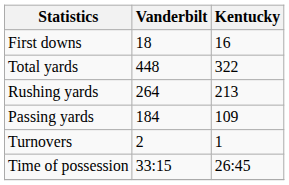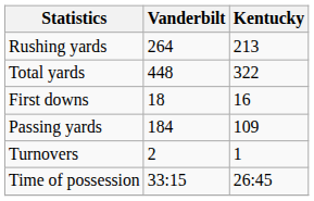 <table class="wikitable" style="float: left;">
 <tr>
 <th>Statistics</th>
 <th>Vanderbilt</th>
 <th>Kentucky</th>
 </tr>
 <tr>
-<td>First downs</td>
-<td>18</td>
-<td>16</td>
+<td>Rushing yards</td>
+<td>264</td>
+<td>213</td>
 </tr>
 <tr>
 <td>Total yards</td>
 <td>448</td>
 <td>322</td>
 </tr>
 <tr>
-<td>Rushing yards</td>
-<td>264</td>
-<td>213</td>
+<td>First downs</td>
+<td>18</td>
+<td>16</td>
 </tr>
 <tr>
 <td>Passing yards</td>
 <td>184</td>
 <td>109</td>
 </tr>
 <tr>
 <td>Turnovers</td>
 <td>2</td>
 <td>1</td>
 </tr>
 <tr>
 <td>Time of possession</td>
 <td>33:15</td>
 <td>26:45</td>
 </tr>
 <tr>
 </tr>
 </table>
